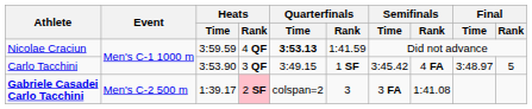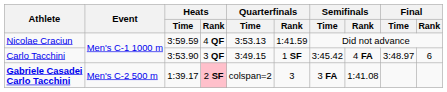 <table class=wikitable style="font-size:90%">
 <tr>
 <th rowspan="2">Athlete</th>
 <th rowspan="2">Event</th>
 <th colspan=2>Heats</th>
 <th colspan=2>Quarterfinals</th>
 <th colspan=2>Semifinals</th>
 <th colspan=2>Final</th>
 </tr>
 <tr style="font-size:95%">
 <th>Time</th>
 <th>Rank</th>
 <th>Time</th>
 <th>Rank</th>
 <th>Time</th>
 <th>Rank</th>
 <th>Time</th>
 <th>Rank</th>
 </tr>
 <tr align=center>
 <td align=left><a href='#'>Nicolae Craciun</a></td>
 <td rowspan="2" align="left"><a href='#'>Men's C-1 1000 m</a></td>
 <td>3:59.59</td>
 <td>4 <strong>QF</strong></td>
-<td><strong>3:53.13</strong></td>
+<td>3:53.13</td>
 <td>1:41.59</td>
 <td colspan=4>Did not advance</td>
 </tr>
 <tr align=center>
 <td align=left><a href='#'>Carlo Tacchini</a></td>
 <td>3:53.90</td>
 <td>3 <strong>QF</strong></td>
 <td>3:49.15</td>
 <td>1 <strong>SF</strong></td>
 <td>3:45.42</td>
 <td>4 <strong>FA</strong></td>
 <td>3:48.97</td>
-<td>5</td>
+<td>6</td>
 </tr>
 <tr align=center>
 <td align=left><strong><a href='#'>Gabriele Casadei</a><br><a href='#'>Carlo Tacchini</a></strong></td>
 <td align=left><a href='#'>Men's C-2 500 m</a></td>
 <td>1:39.17</td>
 <td style="background: pink;">2 <strong>SF</strong></td>
 <td>colspan=2</td>
 <td>3</td>
 <td>3 <strong>FA</strong></td>
 <td>1:41.08</td>
 <td></td>
 </tr>
 </table>
